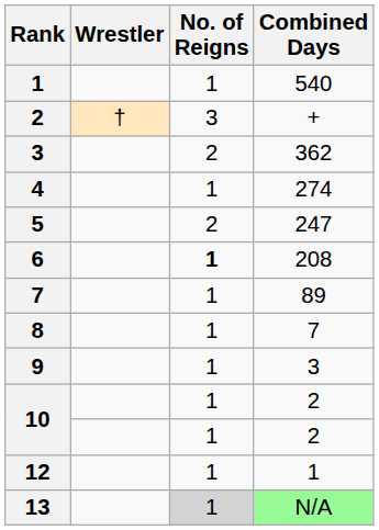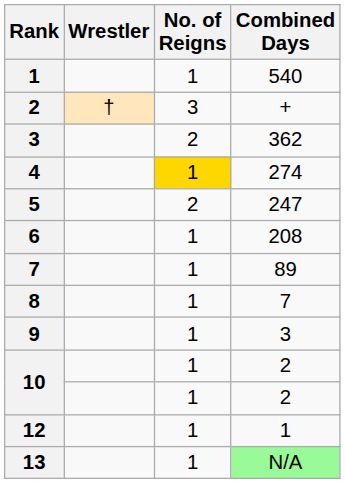 <table class="wikitable sortable" style="text-align: center">
 <tr>
 <th>Rank</th>
 <th>Wrestler</th>
 <th>No. of<br>Reigns</th>
 <th>Combined<br>Days</th>
 </tr>
 <tr>
 <th>1</th>
 <td></td>
 <td>1</td>
 <td>540</td>
 </tr>
 <tr>
 <th>2</th>
 <td style="background-color: #ffe6bd"> †</td>
 <td>3</td>
 <td>+</td>
 </tr>
 <tr>
 <th>3</th>
 <td></td>
 <td>2</td>
 <td>362</td>
 </tr>
 <tr>
 <th>4</th>
 <td></td>
-<td>1</td>
+<td style="background: gold;">1</td>
 <td>274</td>
 </tr>
 <tr>
 <th>5</th>
 <td></td>
 <td>2</td>
 <td>247</td>
 </tr>
 <tr>
 <th>6</th>
 <td></td>
-<td><strong>1</strong></td>
+<td>1</td>
 <td>208</td>
 </tr>
 <tr>
 <th>7</th>
 <td></td>
 <td>1</td>
 <td>89</td>
 </tr>
 <tr>
 <th>8</th>
 <td></td>
 <td>1</td>
 <td>7</td>
 </tr>
 <tr>
 <th>9</th>
 <td></td>
 <td>1</td>
 <td>3</td>
 </tr>
 <tr>
 <th rowspan="2">10</th>
 <td></td>
 <td>1</td>
 <td>2</td>
 </tr>
 <tr>
 <td></td>
 <td>1</td>
 <td>2</td>
 </tr>
 <tr>
 <th>12</th>
 <td></td>
 <td>1</td>
 <td>1</td>
 </tr>
 <tr>
 <th>13</th>
 <td></td>
-<td style="background: lightgrey;">1</td>
+<td>1</td>
 <td style="background-color:#98FB98">N/A</td>
 </tr>
 </table>
